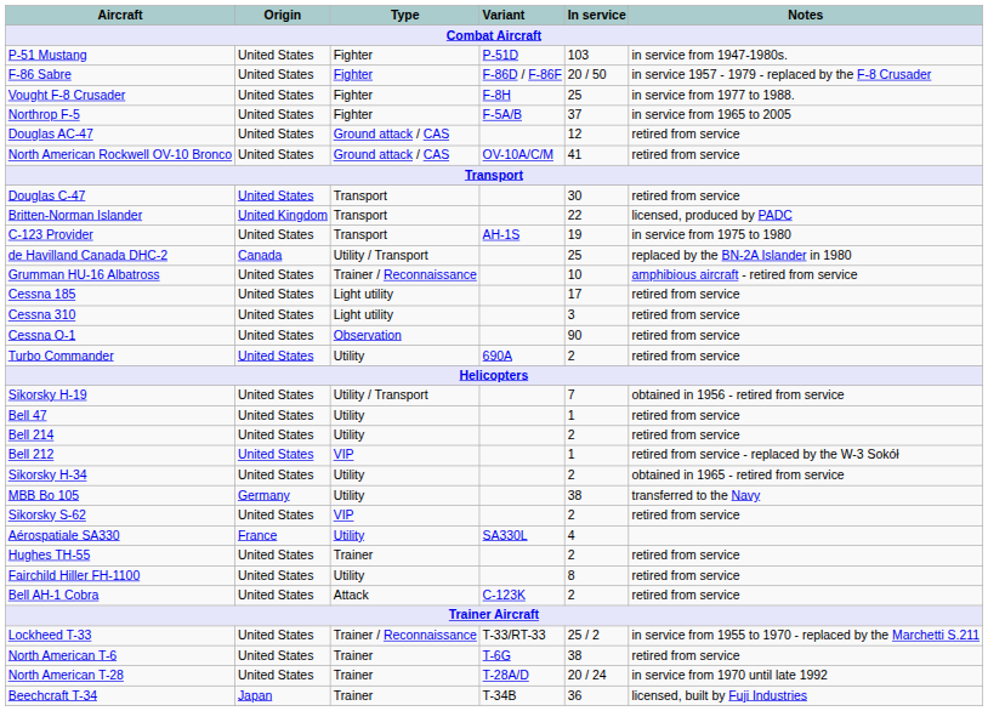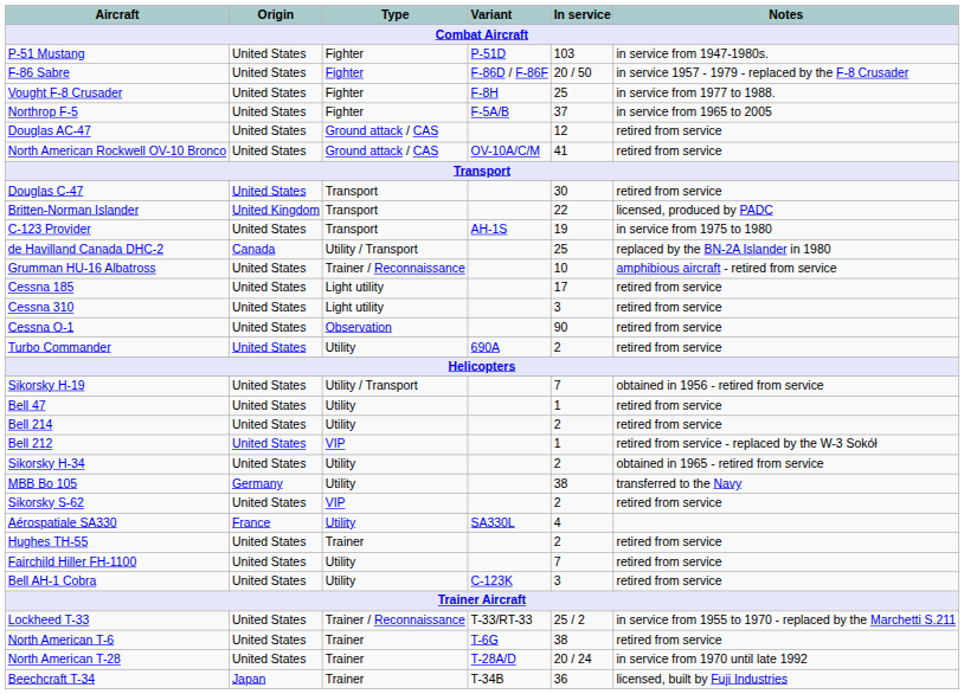 <table class="wikitable">
 <tr>
 <th style="text-align:center; background:#acc;">Aircraft</th>
 <th style="text-align: center; background:#acc;">Origin</th>
 <th style="text-align:l center; background:#acc;">Type</th>
 <th style="text-align:left; background:#acc;">Variant</th>
 <th style="text-align:center; background:#acc;">In service</th>
 <th style="text-align: center; background:#acc;">Notes</th>
 </tr>
 <tr>
 <th style="align: center; background: lavender;" colspan="7"><a href='#'>Combat Aircraft</a></th>
 </tr>
 <tr>
 <td><a href='#'>P-51 Mustang</a></td>
 <td>United States</td>
 <td>Fighter</td>
 <td><a href='#'>P-51D</a></td>
 <td>103</td>
 <td>in service from 1947-1980s.</td>
 </tr>
 <tr>
 <td><a href='#'>F-86 Sabre</a></td>
 <td>United States</td>
 <td><a href='#'>Fighter</a></td>
 <td><a href='#'>F-86D</a> / <a href='#'>F-86F</a></td>
 <td>20 / 50</td>
 <td>in service 1957 - 1979 - replaced by the <a href='#'>F-8 Crusader</a></td>
 </tr>
 <tr>
 <td><a href='#'>Vought F-8 Crusader</a></td>
 <td>United States</td>
 <td>Fighter</td>
 <td><a href='#'>F-8H</a></td>
 <td>25</td>
 <td>in service from 1977 to 1988.</td>
 </tr>
 <tr>
 <td><a href='#'>Northrop F-5</a></td>
 <td>United States</td>
 <td>Fighter</td>
 <td><a href='#'>F-5A/B</a></td>
 <td>37</td>
 <td>in service from 1965 to 2005</td>
 </tr>
 <tr>
 <td><a href='#'>Douglas AC-47</a></td>
 <td>United States</td>
 <td><a href='#'>Ground attack</a> / <a href='#'>CAS</a></td>
 <td></td>
 <td>12</td>
 <td>retired from service</td>
 </tr>
 <tr>
 <td><a href='#'>North American Rockwell OV-10 Bronco</a></td>
 <td>United States</td>
 <td><a href='#'>Ground attack</a> / <a href='#'>CAS</a></td>
 <td><a href='#'>OV-10A/C/M</a></td>
 <td>41</td>
 <td>retired from service</td>
 </tr>
 <tr>
 <th style="align: center; background: lavender;" colspan="7"><a href='#'>Transport</a></th>
 </tr>
 <tr>
 <td><a href='#'>Douglas C-47</a></td>
 <td><a href='#'>United States</a></td>
 <td>Transport</td>
 <td></td>
 <td>30</td>
 <td>retired from service</td>
 </tr>
 <tr>
 <td><a href='#'>Britten-Norman Islander</a></td>
 <td><a href='#'>United Kingdom</a></td>
 <td>Transport</td>
 <td></td>
 <td>22</td>
 <td>licensed, produced by <a href='#'>PADC</a></td>
 </tr>
 <tr>
 <td><a href='#'>C-123 Provider</a></td>
 <td>United States</td>
 <td>Transport</td>
 <td><a href='#'>AH-1S</a></td>
 <td>19</td>
 <td>in service from 1975 to 1980</td>
 </tr>
 <tr>
 <td><a href='#'>de Havilland Canada DHC-2</a></td>
 <td><a href='#'>Canada</a></td>
 <td>Utility / Transport</td>
 <td></td>
 <td>25</td>
 <td>replaced by the <a href='#'>BN-2A Islander</a> in 1980</td>
 </tr>
 <tr>
 <td><a href='#'>Grumman HU-16 Albatross</a></td>
 <td>United States</td>
 <td>Trainer / <a href='#'>Reconnaissance</a></td>
 <td></td>
 <td>10</td>
 <td><a href='#'>amphibious aircraft</a> - retired from service</td>
 </tr>
 <tr>
 <td><a href='#'>Cessna 185</a></td>
 <td>United States</td>
 <td>Light utility</td>
 <td></td>
 <td>17</td>
 <td>retired from service</td>
 </tr>
 <tr>
 <td><a href='#'>Cessna 310</a></td>
 <td>United States</td>
 <td>Light utility</td>
 <td></td>
 <td>3</td>
 <td>retired from service</td>
 </tr>
 <tr>
 <td><a href='#'>Cessna O-1</a></td>
 <td>United States</td>
 <td><a href='#'>Observation</a></td>
 <td></td>
 <td>90</td>
 <td>retired from service</td>
 </tr>
 <tr>
 <td><a href='#'>Turbo Commander</a></td>
 <td><a href='#'>United States</a></td>
 <td>Utility</td>
 <td><a href='#'>690A</a></td>
 <td>2</td>
 <td>retired from service</td>
 </tr>
 <tr>
 <th style="align: center; background: lavender;" colspan="7"><a href='#'>Helicopters</a></th>
 </tr>
 <tr>
 <td><a href='#'>Sikorsky H-19</a></td>
 <td>United States</td>
 <td>Utility / Transport</td>
 <td></td>
 <td>7</td>
 <td>obtained in 1956 - retired from service</td>
 </tr>
 <tr>
 <td><a href='#'>Bell 47</a></td>
 <td>United States</td>
 <td>Utility</td>
 <td></td>
 <td>1</td>
 <td>retired from service</td>
 </tr>
 <tr>
 <td><a href='#'>Bell 214</a></td>
 <td>United States</td>
 <td>Utility</td>
 <td></td>
 <td>2</td>
 <td>retired from service</td>
 </tr>
 <tr>
 <td><a href='#'>Bell 212</a></td>
 <td><a href='#'>United States</a></td>
 <td><a href='#'>VIP</a></td>
 <td></td>
 <td>1</td>
 <td>retired from service - replaced by the W-3 Sokół</td>
 </tr>
 <tr>
 <td><a href='#'>Sikorsky H-34</a></td>
 <td>United States</td>
 <td>Utility</td>
 <td></td>
 <td>2</td>
 <td>obtained in 1965 - retired from service</td>
 </tr>
 <tr>
 <td><a href='#'>MBB Bo 105</a></td>
 <td><a href='#'>Germany</a></td>
 <td>Utility</td>
 <td></td>
 <td>38</td>
 <td>transferred to the <a href='#'>Navy</a></td>
 </tr>
 <tr>
 <td><a href='#'>Sikorsky S-62</a></td>
 <td>United States</td>
 <td><a href='#'>VIP</a></td>
 <td></td>
 <td>2</td>
 <td>retired from service</td>
 </tr>
 <tr>
 <td><a href='#'>Aérospatiale SA330</a></td>
 <td><a href='#'>France</a></td>
 <td><a href='#'>Utility</a></td>
 <td><a href='#'>SA330L</a></td>
 <td>4</td>
 <td></td>
 </tr>
 <tr>
 <td><a href='#'>Hughes TH-55</a></td>
 <td>United States</td>
 <td>Trainer</td>
 <td></td>
 <td>2</td>
 <td>retired from service</td>
 </tr>
 <tr>
 <td><a href='#'>Fairchild Hiller FH-1100</a></td>
 <td>United States</td>
 <td>Utility</td>
 <td></td>
-<td>8</td>
+<td>7</td>
 <td>retired from service</td>
 </tr>
 <tr>
 <td><a href='#'>Bell AH-1 Cobra</a></td>
 <td>United States</td>
-<td>Attack</td>
+<td>Utility</td>
 <td><a href='#'>C-123K</a></td>
-<td>2</td>
+<td>3</td>
 <td>retired from service</td>
 </tr>
 <tr>
 <th style="align: center; background: lavender;" colspan="7"><a href='#'>Trainer Aircraft</a></th>
 </tr>
 <tr>
 <td><a href='#'>Lockheed T-33</a></td>
 <td>United States</td>
 <td>Trainer / <a href='#'>Reconnaissance</a></td>
 <td>T-33/RT-33</td>
 <td>25 / 2</td>
 <td>in service from 1955 to 1970 - replaced by the <a href='#'>Marchetti S.211</a></td>
 </tr>
 <tr>
 <td><a href='#'>North American T-6</a></td>
 <td>United States</td>
 <td>Trainer</td>
 <td><a href='#'>T-6G</a></td>
 <td>38</td>
 <td>retired from service</td>
 </tr>
 <tr>
 <td><a href='#'>North American T-28</a></td>
 <td>United States</td>
 <td>Trainer</td>
 <td><a href='#'>T-28A/D</a></td>
 <td>20 / 24</td>
 <td>in service from 1970 until  late 1992</td>
 </tr>
 <tr>
 <td><a href='#'>Beechcraft T-34</a></td>
 <td><a href='#'>Japan</a></td>
 <td>Trainer</td>
 <td>T-34B</td>
 <td>36</td>
 <td>licensed, built by <a href='#'>Fuji Industries</a></td>
 </tr>
 </table>
